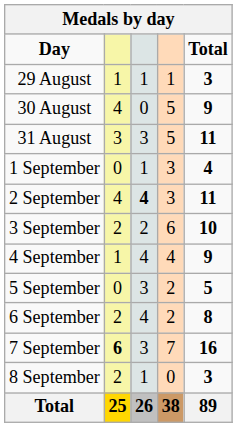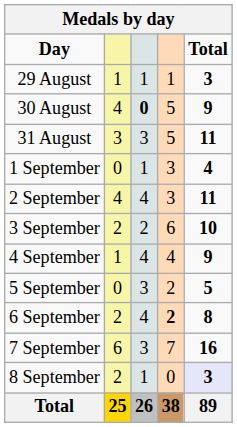 <table class="wikitable" style="font-size:85%">
 <tr style="background:#efefef;">
 <th colspan=7><strong>Medals by day</strong></th>
 </tr>
 <tr align=center>
 <td><strong>Day</strong></td>
 <td bgcolor=#f7f6a8></td>
 <td bgcolor=#dce5e5></td>
 <td bgcolor=#ffdab9></td>
 <td><strong>Total</strong></td>
 </tr>
 <tr align=center>
 <td>29 August</td>
 <td style="background:#F7F6A8;">1</td>
 <td style="background:#DCE5E5;">1</td>
 <td style="background:#FFDAB9;">1</td>
 <td><strong>3</strong></td>
 </tr>
 <tr align=center>
 <td>30 August</td>
 <td style="background:#F7F6A8;">4</td>
-<td style="background:#DCE5E5;">0</td>
+<td style="background:#DCE5E5;"><strong>0</strong></td>
 <td style="background:#FFDAB9;">5</td>
 <td><strong>9</strong></td>
 </tr>
 <tr align=center>
 <td>31 August</td>
 <td style="background:#F7F6A8;">3</td>
 <td style="background:#DCE5E5;">3</td>
 <td style="background:#FFDAB9;">5</td>
 <td><strong>11</strong></td>
 </tr>
 <tr align=center>
 <td>1 September</td>
 <td style="background:#F7F6A8;">0</td>
 <td style="background:#DCE5E5;">1</td>
 <td style="background:#FFDAB9;">3</td>
 <td><strong>4</strong></td>
 </tr>
 <tr align=center>
 <td>2 September</td>
 <td style="background:#F7F6A8;">4</td>
-<td style="background:#DCE5E5;"><strong>4</strong></td>
+<td style="background:#DCE5E5;">4</td>
 <td style="background:#FFDAB9;">3</td>
 <td><strong>11</strong></td>
 </tr>
 <tr align=center>
 <td>3 September</td>
 <td style="background:#F7F6A8;">2</td>
 <td style="background:#DCE5E5;">2</td>
 <td style="background:#FFDAB9;">6</td>
 <td><strong>10</strong></td>
 </tr>
 <tr align=center>
 <td>4 September</td>
 <td style="background:#F7F6A8;">1</td>
 <td style="background:#DCE5E5;">4</td>
 <td style="background:#FFDAB9;">4</td>
 <td><strong>9</strong></td>
 </tr>
 <tr align=center>
 <td>5 September</td>
 <td style="background:#F7F6A8;">0</td>
 <td style="background:#DCE5E5;">3</td>
 <td style="background:#FFDAB9;">2</td>
 <td><strong>5</strong></td>
 </tr>
 <tr align=center>
 <td>6 September</td>
 <td style="background:#F7F6A8;">2</td>
 <td style="background:#DCE5E5;">4</td>
-<td style="background:#FFDAB9;">2</td>
+<td style="background:#FFDAB9;"><strong>2</strong></td>
 <td><strong>8</strong></td>
 </tr>
 <tr align=center>
 <td>7 September</td>
-<td style="background:#F7F6A8;"><strong>6</strong></td>
+<td style="background:#F7F6A8;">6</td>
 <td style="background:#DCE5E5;">3</td>
 <td style="background:#FFDAB9;">7</td>
 <td><strong>16</strong></td>
 </tr>
 <tr align=center>
 <td>8 September</td>
 <td style="background:#F7F6A8;">2</td>
 <td style="background:#DCE5E5;">1</td>
 <td style="background:#FFDAB9;">0</td>
-<td><strong>3</strong></td>
+<td style="background: lavender;"><strong>3</strong></td>
 </tr>
 <tr align=center>
 <th><strong>Total</strong></th>
 <th style="background:gold;"><strong>25</strong></th>
 <th style="background:silver;"><strong>26</strong></th>
 <th style="background:#c96;"><strong>38</strong></th>
 <th><strong>89</strong></th>
 </tr>
 </table>
